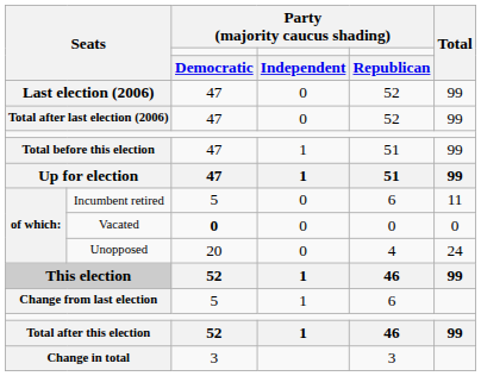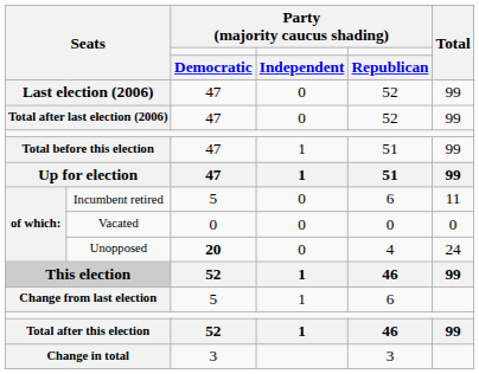 <table class="wikitable" style="text-align:center">
 <tr>
 <th colspan="2" rowspan="3">Seats</th>
 <th colspan="3">Party<div>(majority caucus shading)</div></th>
 <th rowspan="3">Total</th>
 </tr>
 <tr style="height:5px">
 <td style="background-color:"></td>
 <td style="background-color:"></td>
 <td style="background-color:"></td>
 </tr>
 <tr>
 <th><a href='#'>Democratic</a></th>
 <th><a href='#'>Independent</a></th>
 <th><a href='#'>Republican</a></th>
 </tr>
 <tr>
 <th colspan="2" nowrap="">Last election (2006)</th>
 <td>47</td>
 <td>0</td>
 <td>52</td>
 <td>99</td>
 </tr>
 <tr>
 <th colspan="2" nowrap="" style="font-size:80%">Total after last election (2006)</th>
 <td>47</td>
 <td>0</td>
 <td>52</td>
 <td>99</td>
 </tr>
 <tr>
 <td colspan="6"></td>
 </tr>
 <tr>
 <th colspan="2" nowrap="" style="font-size:80%">Total before this election</th>
 <td>47</td>
 <td>1</td>
 <td>51</td>
 <td>99</td>
 </tr>
 <tr>
 <th colspan="2">Up for election</th>
 <th>47</th>
 <th>1</th>
 <th>51</th>
 <th>99</th>
 </tr>
 <tr>
 <th rowspan="3" style="font-size:80%">of which:</th>
 <td nowrap="" style="font-size:80%">Incumbent retired</td>
 <td>5</td>
 <td>0</td>
 <td>6</td>
 <td>11</td>
 </tr>
 <tr>
 <td nowrap="" style="font-size:80%">Vacated</td>
-<td><strong>0</strong></td>
+<td>0</td>
 <td>0</td>
 <td>0</td>
 <td>0</td>
 </tr>
 <tr>
 <td nowrap="" style="font-size:80%">Unopposed</td>
-<td>20</td>
+<td><strong>20</strong></td>
 <td>0</td>
 <td>4</td>
 <td>24</td>
 </tr>
 <tr>
 <th colspan="2" style="background:#ccc">This election</th>
 <th>52</th>
 <th>1</th>
 <th>46</th>
 <th>99</th>
 </tr>
 <tr>
 <th colspan="2" nowrap="" style="font-size:80%">Change from last election</th>
 <td> 5</td>
 <td> 1</td>
 <td> 6</td>
 <td></td>
 </tr>
 <tr>
 <td colspan="6"></td>
 </tr>
 <tr>
 <th colspan="2" nowrap="" style="font-size:80%">Total after this election</th>
 <th>52</th>
 <th>1</th>
 <th>46</th>
 <th>99</th>
 </tr>
 <tr>
 <th colspan="2" nowrap="" style="font-size:80%">Change in total</th>
 <td> 3</td>
 <td></td>
 <td> 3</td>
 <td></td>
 </tr>
 </table>
